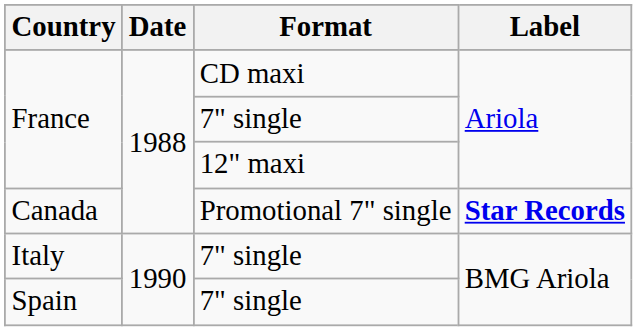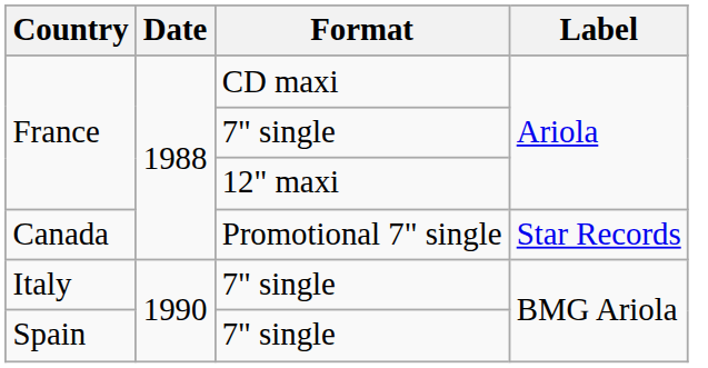 <table class=wikitable>
 <tr>
 <th>Country</th>
 <th>Date</th>
 <th>Format</th>
 <th>Label</th>
 </tr>
 <tr>
 <td rowspan="3">France</td>
 <td rowspan="4">1988</td>
 <td>CD maxi</td>
 <td rowspan="3"><a href='#'>Ariola</a></td>
 </tr>
 <tr>
 <td>7" single</td>
 </tr>
 <tr>
 <td>12" maxi</td>
 </tr>
 <tr>
 <td>Canada</td>
 <td>Promotional 7" single</td>
-<td><strong><a href='#'>Star Records</a></strong></td>
+<td><a href='#'>Star Records</a></td>
 </tr>
 <tr>
 <td>Italy</td>
 <td rowspan="2">1990</td>
 <td>7" single</td>
 <td rowspan="2">BMG Ariola</td>
 </tr>
 <tr>
 <td>Spain</td>
 <td>7" single</td>
 </tr>
 </table>
